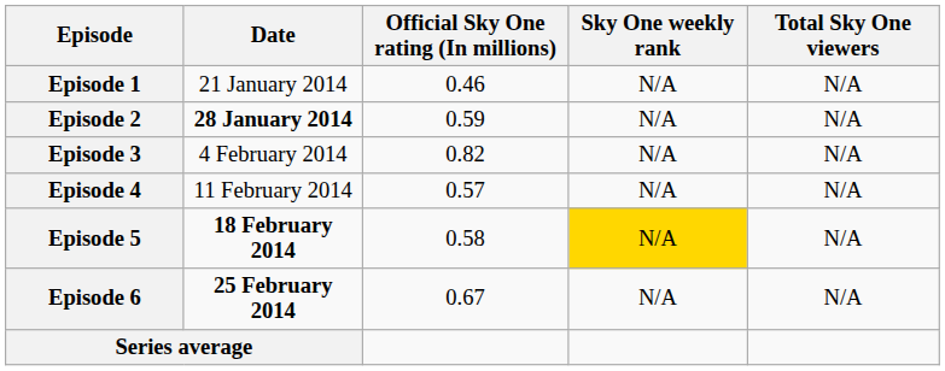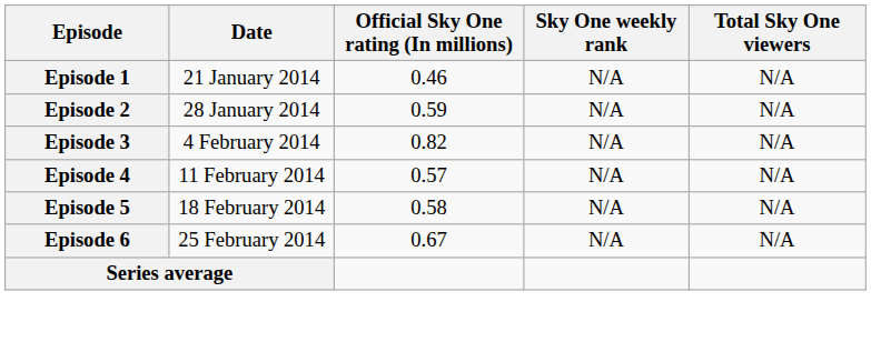 <table class="wikitable sortable" style="text-align:center">
 <tr>
 <th scope="col" style="width:120px;">Episode</th>
 <th scope="col" style="width:120px;">Date</th>
 <th scope="col" style="width:140px;">Official Sky One rating (In millions)</th>
 <th scope="col" style="width:120px;">Sky One weekly rank</th>
 <th scope="col" style="width:130px;">Total Sky One viewers</th>
 </tr>
 <tr>
 <th scope="row">Episode 1</th>
 <td>21 January 2014</td>
 <td>0.46</td>
 <td>N/A</td>
 <td>N/A</td>
 </tr>
 <tr>
 <th scope="row">Episode 2</th>
-<td><strong>28 January 2014</strong></td>
+<td>28 January 2014</td>
 <td>0.59</td>
 <td>N/A</td>
 <td>N/A</td>
 </tr>
 <tr>
 <th scope="row">Episode 3</th>
 <td>4 February 2014</td>
 <td>0.82</td>
 <td>N/A</td>
 <td>N/A</td>
 </tr>
 <tr>
 <th scope="row">Episode 4</th>
 <td>11 February 2014</td>
 <td>0.57</td>
 <td>N/A</td>
 <td>N/A</td>
 </tr>
 <tr>
 <th scope="row">Episode 5</th>
-<td><strong>18 February 2014</strong></td>
+<td>18 February 2014</td>
 <td>0.58</td>
-<td style="background: gold;">N/A</td>
+<td>N/A</td>
 <td>N/A</td>
 </tr>
 <tr>
 <th scope="row">Episode 6</th>
-<td><strong>25 February 2014</strong></td>
+<td>25 February 2014</td>
 <td>0.67</td>
 <td>N/A</td>
 <td>N/A</td>
 </tr>
 <tr>
 <th scope="row" colspan="2">Series average</th>
 <td></td>
 <td></td>
 <td></td>
 </tr>
 </table>
